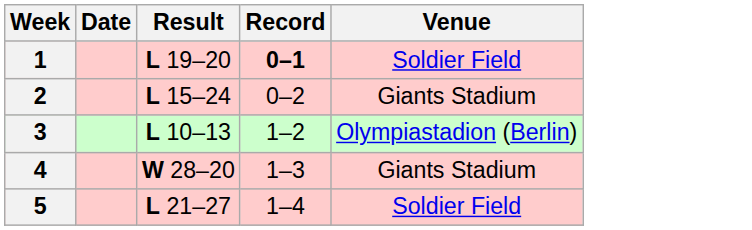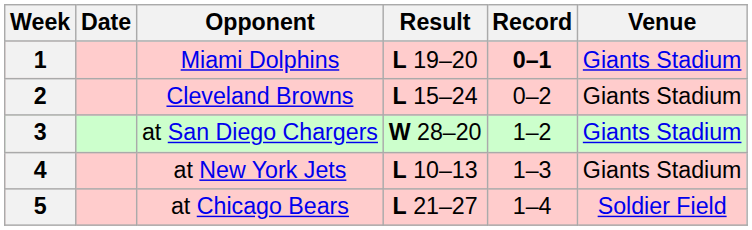 <table class="wikitable" style="text-align:center">
 <tr>
 <th>Week</th>
 <th>Date</th>
+<th>Opponent</th>
 <th>Result</th>
 <th>Record</th>
 <th>Venue</th>
 </tr>
 <tr style="background:#fcc">
 <th>1</th>
 <td></td>
+<td><a href='#'>Miami Dolphins</a></td>
 <td><strong>L</strong> 19–20</td>
 <td><strong>0–1</strong></td>
-<td><a href='#'>Soldier Field</a></td>
+<td><a href='#'>Giants Stadium</a></td>
 </tr>
 <tr style="background:#fcc">
 <th>2</th>
 <td></td>
+<td><a href='#'>Cleveland Browns</a></td>
 <td><strong>L</strong> 15–24</td>
 <td>0–2</td>
 <td>Giants Stadium</td>
 </tr>
 <tr style="background:#cfc">
 <th>3</th>
 <td></td>
-<td><strong>L</strong> 10–13</td>
+<td>at <a href='#'>San Diego Chargers</a></td>
+<td><strong>W</strong> 28–20</td>
 <td>1–2</td>
-<td><a href='#'>Olympiastadion</a> (<a href='#'>Berlin</a>)</td>
+<td><a href='#'>Giants Stadium</a></td>
 </tr>
 <tr style="background:#fcc">
 <th>4</th>
 <td></td>
-<td><strong>W</strong> 28–20</td>
+<td>at <a href='#'>New York Jets</a></td>
+<td><strong>L</strong> 10–13</td>
 <td>1–3</td>
 <td>Giants Stadium</td>
 </tr>
 <tr style="background:#fcc">
 <th>5</th>
 <td></td>
+<td>at <a href='#'>Chicago Bears</a></td>
 <td><strong>L</strong> 21–27</td>
 <td>1–4</td>
 <td><a href='#'>Soldier Field</a></td>
 </tr>
 </table>
